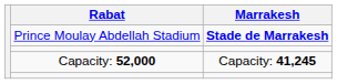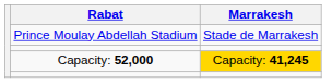 <table class="wikitable" style="text-align:center">
 <tr>
 <th rowspan="5"></th>
 <th><a href='#'>Rabat</a></th>
 <th><a href='#'>Marrakesh</a></th>
 </tr>
 <tr>
 <td><a href='#'>Prince Moulay Abdellah Stadium</a></td>
-<td><strong><a href='#'>Stade de Marrakesh</a></strong></td>
+<td><a href='#'>Stade de Marrakesh</a></td>
 </tr>
 <tr>
 <td></td>
 <td></td>
 </tr>
 <tr>
 <td>Capacity: <strong>52,000</strong></td>
-<td>Capacity: <strong>41,245</strong></td>
+<td style="background: gold;">Capacity: <strong>41,245</strong></td>
 </tr>
 <tr>
 <td></td>
 <td></td>
 </tr>
 </table>
